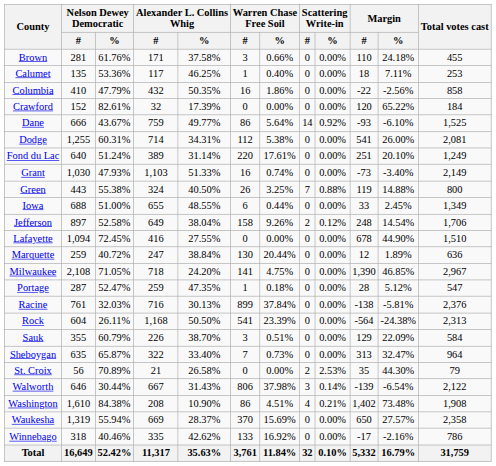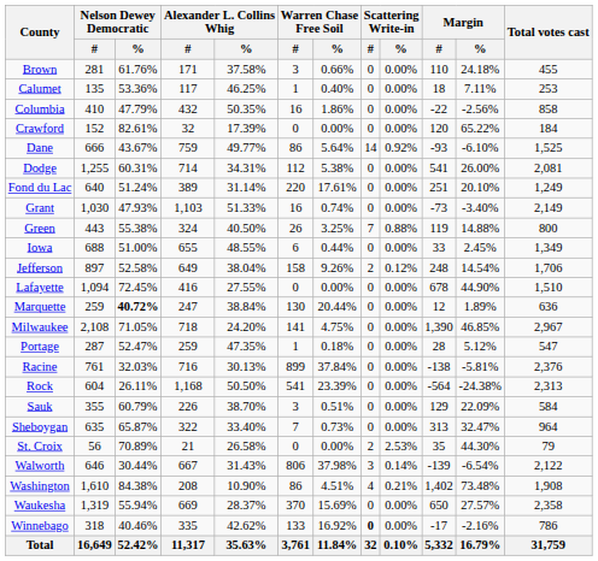 <table class="wikitable sortable" style="text-align:center">
 <tr>
 <th rowspan="2" style="text-align:center;">County</th>
 <th colspan="2" style="text-align:center;">Nelson Dewey<br>Democratic</th>
 <th colspan="2" style="text-align:center;">Alexander L. Collins<br>Whig</th>
 <th colspan="2" style="text-align:center;">Warren Chase<br>Free Soil</th>
 <th colspan="2" style="text-align:center;">Scattering<br>Write-in</th>
 <th colspan="2" style="text-align:center;">Margin</th>
 <th rowspan="2" style="text-align:center;">Total votes cast</th>
 </tr>
 <tr>
 <th style="text-align:center;" data-sort-type="number">#</th>
 <th style="text-align:center;" data-sort-type="number">%</th>
 <th style="text-align:center;" data-sort-type="number">#</th>
 <th style="text-align:center;" data-sort-type="number">%</th>
 <th style="text-align:center;" data-sort-type="number">#</th>
 <th style="text-align:center;" data-sort-type="number">%</th>
 <th style="text-align:center;" data-sort-type="number">#</th>
 <th style="text-align:center;" data-sort-type="number">%</th>
 <th style="text-align:center;" data-sort-type="number">#</th>
 <th style="text-align:center;" data-sort-type="number">%</th>
 </tr>
 <tr style="text-align:center;">
 <td><a href='#'>Brown</a></td>
 <td>281</td>
 <td>61.76%</td>
 <td>171</td>
 <td>37.58%</td>
 <td>3</td>
 <td>0.66%</td>
 <td>0</td>
 <td>0.00%</td>
 <td>110</td>
 <td>24.18%</td>
 <td>455</td>
 </tr>
 <tr style="text-align:center;">
 <td><a href='#'>Calumet</a></td>
 <td>135</td>
 <td>53.36%</td>
 <td>117</td>
 <td>46.25%</td>
 <td>1</td>
 <td>0.40%</td>
 <td>0</td>
 <td>0.00%</td>
 <td>18</td>
 <td>7.11%</td>
 <td>253</td>
 </tr>
 <tr style="text-align:center;">
 <td><a href='#'>Columbia</a></td>
 <td>410</td>
 <td>47.79%</td>
 <td>432</td>
 <td>50.35%</td>
 <td>16</td>
 <td>1.86%</td>
 <td>0</td>
 <td>0.00%</td>
 <td>-22</td>
 <td>-2.56%</td>
 <td>858</td>
 </tr>
 <tr style="text-align:center;">
 <td><a href='#'>Crawford</a></td>
 <td>152</td>
 <td>82.61%</td>
 <td>32</td>
 <td>17.39%</td>
 <td>0</td>
 <td>0.00%</td>
 <td>0</td>
 <td>0.00%</td>
 <td>120</td>
 <td>65.22%</td>
 <td>184</td>
 </tr>
 <tr style="text-align:center;">
 <td><a href='#'>Dane</a></td>
 <td>666</td>
 <td>43.67%</td>
 <td>759</td>
 <td>49.77%</td>
 <td>86</td>
 <td>5.64%</td>
 <td>14</td>
 <td>0.92%</td>
 <td>-93</td>
 <td>-6.10%</td>
 <td>1,525</td>
 </tr>
 <tr style="text-align:center;">
 <td><a href='#'>Dodge</a></td>
 <td>1,255</td>
 <td>60.31%</td>
 <td>714</td>
 <td>34.31%</td>
 <td>112</td>
 <td>5.38%</td>
 <td>0</td>
 <td>0.00%</td>
 <td>541</td>
 <td>26.00%</td>
 <td>2,081</td>
 </tr>
 <tr style="text-align:center;">
 <td><a href='#'>Fond du Lac</a></td>
 <td>640</td>
 <td>51.24%</td>
 <td>389</td>
 <td>31.14%</td>
 <td>220</td>
 <td>17.61%</td>
 <td>0</td>
 <td>0.00%</td>
 <td>251</td>
 <td>20.10%</td>
 <td>1,249</td>
 </tr>
 <tr style="text-align:center;">
 <td><a href='#'>Grant</a></td>
 <td>1,030</td>
 <td>47.93%</td>
 <td>1,103</td>
 <td>51.33%</td>
 <td>16</td>
 <td>0.74%</td>
 <td>0</td>
 <td>0.00%</td>
 <td>-73</td>
 <td>-3.40%</td>
 <td>2,149</td>
 </tr>
 <tr style="text-align:center;">
 <td><a href='#'>Green</a></td>
 <td>443</td>
 <td>55.38%</td>
 <td>324</td>
 <td>40.50%</td>
 <td>26</td>
 <td>3.25%</td>
 <td>7</td>
 <td>0.88%</td>
 <td>119</td>
 <td>14.88%</td>
 <td>800</td>
 </tr>
 <tr style="text-align:center;">
 <td><a href='#'>Iowa</a></td>
 <td>688</td>
 <td>51.00%</td>
 <td>655</td>
 <td>48.55%</td>
 <td>6</td>
 <td>0.44%</td>
 <td>0</td>
 <td>0.00%</td>
 <td>33</td>
 <td>2.45%</td>
 <td>1,349</td>
 </tr>
 <tr style="text-align:center;">
 <td><a href='#'>Jefferson</a></td>
 <td>897</td>
 <td>52.58%</td>
 <td>649</td>
 <td>38.04%</td>
 <td>158</td>
 <td>9.26%</td>
 <td>2</td>
 <td>0.12%</td>
 <td>248</td>
 <td>14.54%</td>
 <td>1,706</td>
 </tr>
 <tr style="text-align:center;">
 <td><a href='#'>Lafayette</a></td>
 <td>1,094</td>
 <td>72.45%</td>
 <td>416</td>
 <td>27.55%</td>
 <td>0</td>
 <td>0.00%</td>
 <td>0</td>
 <td>0.00%</td>
 <td>678</td>
 <td>44.90%</td>
 <td>1,510</td>
 </tr>
 <tr style="text-align:center;">
 <td><a href='#'>Marquette</a></td>
 <td>259</td>
-<td>40.72%</td>
+<td><strong>40.72%</strong></td>
 <td>247</td>
 <td>38.84%</td>
 <td>130</td>
 <td>20.44%</td>
 <td>0</td>
 <td>0.00%</td>
 <td>12</td>
 <td>1.89%</td>
 <td>636</td>
 </tr>
 <tr style="text-align:center;">
 <td><a href='#'>Milwaukee</a></td>
 <td>2,108</td>
 <td>71.05%</td>
 <td>718</td>
 <td>24.20%</td>
 <td>141</td>
 <td>4.75%</td>
 <td>0</td>
 <td>0.00%</td>
 <td>1,390</td>
 <td>46.85%</td>
 <td>2,967</td>
 </tr>
 <tr style="text-align:center;">
 <td><a href='#'>Portage</a></td>
 <td>287</td>
 <td>52.47%</td>
 <td>259</td>
 <td>47.35%</td>
 <td>1</td>
 <td>0.18%</td>
 <td>0</td>
 <td>0.00%</td>
 <td>28</td>
 <td>5.12%</td>
 <td>547</td>
 </tr>
 <tr style="text-align:center;">
 <td><a href='#'>Racine</a></td>
 <td>761</td>
 <td>32.03%</td>
 <td>716</td>
 <td>30.13%</td>
 <td>899</td>
 <td>37.84%</td>
 <td>0</td>
 <td>0.00%</td>
 <td>-138</td>
 <td>-5.81%</td>
 <td>2,376</td>
 </tr>
 <tr style="text-align:center;">
 <td><a href='#'>Rock</a></td>
 <td>604</td>
 <td>26.11%</td>
 <td>1,168</td>
 <td>50.50%</td>
 <td>541</td>
 <td>23.39%</td>
 <td>0</td>
 <td>0.00%</td>
 <td>-564</td>
 <td>-24.38%</td>
 <td>2,313</td>
 </tr>
 <tr style="text-align:center;">
 <td><a href='#'>Sauk</a></td>
 <td>355</td>
 <td>60.79%</td>
 <td>226</td>
 <td>38.70%</td>
 <td>3</td>
 <td>0.51%</td>
 <td>0</td>
 <td>0.00%</td>
 <td>129</td>
 <td>22.09%</td>
 <td>584</td>
 </tr>
 <tr style="text-align:center;">
 <td><a href='#'>Sheboygan</a></td>
 <td>635</td>
 <td>65.87%</td>
 <td>322</td>
 <td>33.40%</td>
 <td>7</td>
 <td>0.73%</td>
 <td>0</td>
 <td>0.00%</td>
 <td>313</td>
 <td>32.47%</td>
 <td>964</td>
 </tr>
 <tr style="text-align:center;">
 <td><a href='#'>St. Croix</a></td>
 <td>56</td>
 <td>70.89%</td>
 <td>21</td>
 <td>26.58%</td>
 <td>0</td>
 <td>0.00%</td>
 <td>2</td>
 <td>2.53%</td>
 <td>35</td>
 <td>44.30%</td>
 <td>79</td>
 </tr>
 <tr style="text-align:center;">
 <td><a href='#'>Walworth</a></td>
 <td>646</td>
 <td>30.44%</td>
 <td>667</td>
 <td>31.43%</td>
 <td>806</td>
 <td>37.98%</td>
 <td>3</td>
 <td>0.14%</td>
 <td>-139</td>
 <td>-6.54%</td>
 <td>2,122</td>
 </tr>
 <tr style="text-align:center;">
 <td><a href='#'>Washington</a></td>
 <td>1,610</td>
 <td>84.38%</td>
 <td>208</td>
 <td>10.90%</td>
 <td>86</td>
 <td>4.51%</td>
 <td>4</td>
 <td>0.21%</td>
 <td>1,402</td>
 <td>73.48%</td>
 <td>1,908</td>
 </tr>
 <tr style="text-align:center;">
 <td><a href='#'>Waukesha</a></td>
 <td>1,319</td>
 <td>55.94%</td>
 <td>669</td>
 <td>28.37%</td>
 <td>370</td>
 <td>15.69%</td>
 <td>0</td>
 <td>0.00%</td>
 <td>650</td>
 <td>27.57%</td>
 <td>2,358</td>
 </tr>
 <tr style="text-align:center;">
 <td><a href='#'>Winnebago</a></td>
 <td>318</td>
 <td>40.46%</td>
 <td>335</td>
 <td>42.62%</td>
 <td>133</td>
 <td>16.92%</td>
-<td>0</td>
+<td><strong>0</strong></td>
 <td>0.00%</td>
 <td>-17</td>
 <td>-2.16%</td>
 <td>786</td>
 </tr>
 <tr>
 <th>Total</th>
 <th>16,649</th>
 <th>52.42%</th>
 <th>11,317</th>
 <th>35.63%</th>
 <th>3,761</th>
 <th>11.84%</th>
 <th>32</th>
 <th>0.10%</th>
 <th>5,332</th>
 <th>16.79%</th>
 <th>31,759</th>
 </tr>
 </table>
